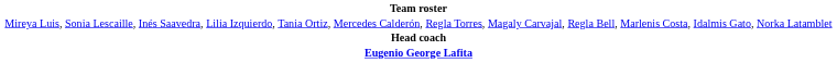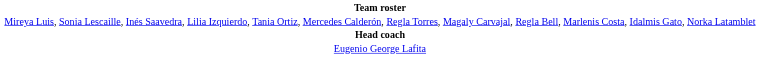 <table style="text-align:center; margin-top:2em; margin-left:auto; margin-right:auto">
 <tr>
 <td><strong>Team roster</strong></td>
 </tr>
 <tr>
 <td><a href='#'>Mireya Luis</a>, <a href='#'>Sonia Lescaille</a>, <a href='#'>Inés Saavedra</a>, <a href='#'>Lilia Izquierdo</a>, <a href='#'>Tania Ortiz</a>, <a href='#'>Mercedes Calderón</a>, <a href='#'>Regla Torres</a>, <a href='#'>Magaly Carvajal</a>, <a href='#'>Regla Bell</a>, <a href='#'>Marlenis Costa</a>, <a href='#'>Idalmis Gato</a>, <a href='#'>Norka Latamblet</a></td>
 </tr>
 <tr>
 <td><strong>Head coach</strong></td>
 </tr>
 <tr>
-<td><strong><a href='#'>Eugenio George Lafita</a></strong></td>
+<td><a href='#'>Eugenio George Lafita</a></td>
 </tr>
 <tr>
 </tr>
 </table>
